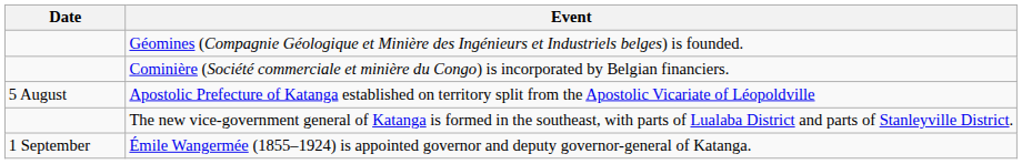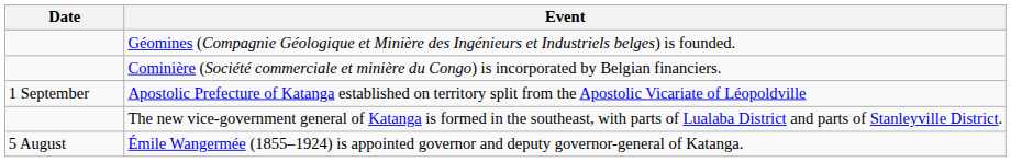 <table class=wikitable>
 <tr>
 <th style="width:7em">Date</th>
 <th>Event</th>
 </tr>
 <tr>
 <td></td>
 <td><a href='#'>Géomines</a> (<em>Compagnie Géologique et Minière des Ingénieurs et Industriels belges</em>) is founded.</td>
 </tr>
 <tr>
 <td></td>
 <td><a href='#'>Cominière</a> (<em>Société commerciale et minière du Congo</em>) is incorporated by Belgian financiers.</td>
 </tr>
 <tr>
-<td>5 August</td>
+<td>1 September</td>
 <td><a href='#'>Apostolic Prefecture of Katanga</a> established on territory split from the <a href='#'>Apostolic Vicariate of Léopoldville</a></td>
 </tr>
 <tr>
 <td></td>
 <td>The new vice-government general of <a href='#'>Katanga</a> is formed in the southeast, with parts of <a href='#'>Lualaba District</a> and parts of <a href='#'>Stanleyville District</a>.</td>
 </tr>
 <tr>
-<td>1 September</td>
+<td>5 August</td>
 <td><a href='#'>Émile Wangermée</a> (1855–1924) is appointed governor and deputy governor-general of Katanga.</td>
 </tr>
 </table>
